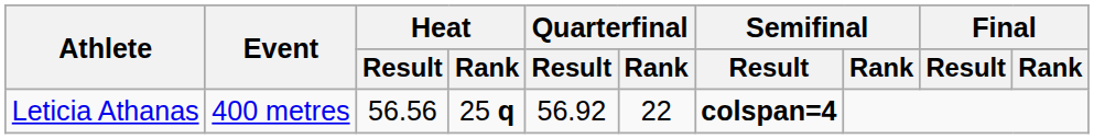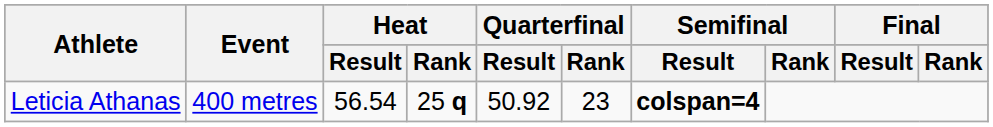 <table class=wikitable style=font-size:90%>
 <tr>
 <th rowspan=2>Athlete</th>
 <th rowspan=2>Event</th>
 <th colspan=2>Heat</th>
 <th colspan=2>Quarterfinal</th>
 <th colspan=2>Semifinal</th>
 <th colspan=2>Final</th>
 </tr>
 <tr style=font-size:95%>
 <th>Result</th>
 <th>Rank</th>
 <th>Result</th>
 <th>Rank</th>
 <th>Result</th>
 <th>Rank</th>
 <th>Result</th>
 <th>Rank</th>
 </tr>
 <tr align=center>
 <td align=left><a href='#'>Leticia Athanas</a></td>
 <td align=left><a href='#'>400 metres</a></td>
-<td>56.56</td>
+<td>56.54</td>
 <td>25 <strong>q</strong></td>
-<td>56.92</td>
-<td>22</td>
+<td>50.92</td>
+<td>23</td>
 <td><strong>colspan=4 </strong></td>
 </tr>
 </table>
